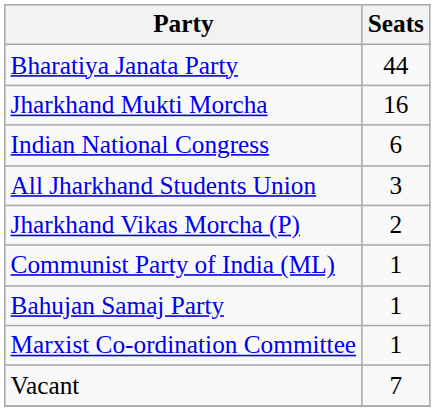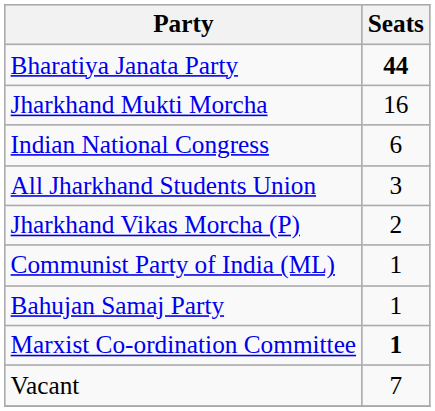 <table class="wikitable sortable">
 <tr>
 <th>Party</th>
 <th>Seats</th>
 </tr>
 <tr>
 <td><a href='#'>Bharatiya Janata Party</a></td>
-<td align=center>44</td>
+<td align=center><strong>44</strong></td>
 </tr>
 <tr>
 <td><a href='#'>Jharkhand Mukti Morcha</a></td>
 <td align=center>16</td>
 </tr>
 <tr>
 <td><a href='#'>Indian National Congress</a></td>
 <td align=center>6</td>
 </tr>
 <tr>
 <td><a href='#'>All Jharkhand Students Union</a></td>
 <td align=center>3</td>
 </tr>
 <tr>
 <td><a href='#'>Jharkhand Vikas Morcha (P)</a></td>
 <td align=center>2</td>
 </tr>
 <tr>
 <td><a href='#'>Communist Party of India (ML)</a></td>
 <td align=center>1</td>
 </tr>
 <tr>
 <td><a href='#'>Bahujan Samaj Party</a></td>
 <td align=center>1</td>
 </tr>
 <tr>
 <td><a href='#'>Marxist Co-ordination Committee</a></td>
-<td align=center>1</td>
+<td align=center><strong>1</strong></td>
 </tr>
 <tr>
 <td>Vacant</td>
 <td align=center>7</td>
 </tr>
 <tr>
 </tr>
 </table>
